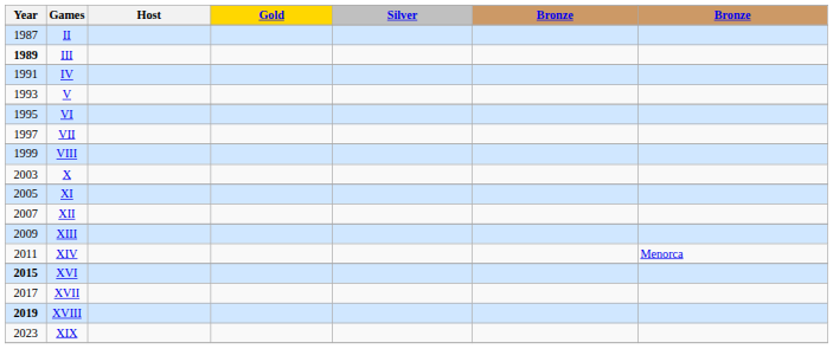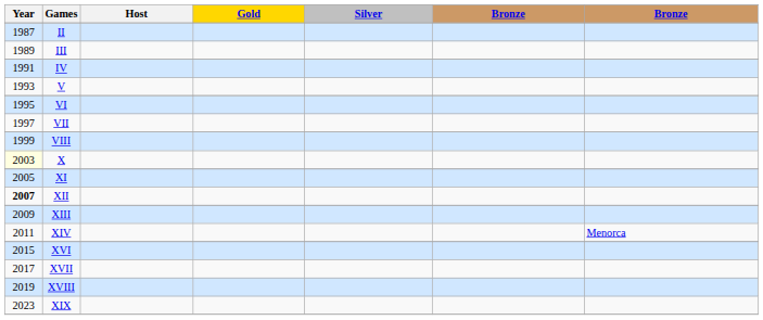 <table class="wikitable" style="text-align: center; font-size:95%;">
 <tr>
 <th rowspan="2" style="width:5%;">Year</th>
 <th rowspan="2" style="width:5%;">Games</th>
 <th rowspan="2" style="width:15%;">Host</th>
 </tr>
 <tr>
 <th style="background-color: gold"><a href='#'>Gold</a></th>
 <th style="background-color: silver"><a href='#'>Silver</a></th>
 <th style="background-color: #CC9966"><a href='#'>Bronze</a></th>
 <th style="background-color: #CC9966"><a href='#'>Bronze</a></th>
 </tr>
 <tr>
 </tr>
 <tr style="text-align:center; background:#d0e7ff;">
 <td>1987</td>
 <td align=center><a href='#'>II</a></td>
 <td align="left"></td>
 <td align="left"></td>
 <td align="left"></td>
 <td align="left"></td>
 <td></td>
 </tr>
 <tr>
-<td><strong>1989</strong></td>
+<td>1989</td>
 <td align=center><a href='#'>III</a></td>
 <td align="left"></td>
 <td align="left"></td>
 <td align="left"></td>
 <td align="left"></td>
 <td></td>
 </tr>
 <tr>
 </tr>
 <tr style="text-align:center; background:#d0e7ff;">
 <td>1991</td>
 <td align=center><a href='#'>IV</a></td>
 <td align="left"></td>
 <td align="left"></td>
 <td align="left"></td>
 <td align="left"></td>
 <td></td>
 </tr>
 <tr>
 <td>1993</td>
 <td align=center><a href='#'>V</a></td>
 <td align="left"></td>
 <td align="left"></td>
 <td align="left"></td>
 <td align="left"></td>
 <td></td>
 </tr>
 <tr>
 </tr>
 <tr style="text-align:center; background:#d0e7ff;">
 <td>1995</td>
 <td align=center><a href='#'>VI</a></td>
 <td align="left"></td>
 <td align="left"></td>
 <td align="left"></td>
 <td align="left"></td>
 <td align="left"></td>
 </tr>
 <tr>
 <td>1997</td>
 <td align=center><a href='#'>VII</a></td>
 <td align="left"></td>
 <td align="left"></td>
 <td align="left"></td>
 <td align="left"></td>
 <td></td>
 </tr>
 <tr>
 </tr>
 <tr style="text-align:center; background:#d0e7ff;">
 <td>1999</td>
 <td align=center><a href='#'>VIII</a></td>
 <td align="left"></td>
 <td align="left"></td>
 <td align="left"></td>
 <td align="left"></td>
 <td></td>
 </tr>
 <tr>
-<td>2003</td>
+<td style="background: lightyellow;">2003</td>
 <td align=center><a href='#'>X</a></td>
 <td align="left"></td>
 <td align="left"></td>
 <td align="left"></td>
 <td align="left"></td>
 <td></td>
 </tr>
 <tr>
 </tr>
 <tr style="text-align:center; background:#d0e7ff;">
 <td>2005</td>
 <td align=center><a href='#'>XI</a></td>
 <td align="left"></td>
 <td align="left"></td>
 <td align="left"></td>
 <td align="left"></td>
 <td align="left"></td>
 </tr>
 <tr>
-<td>2007</td>
+<td><strong>2007</strong></td>
 <td align=center><a href='#'>XII</a></td>
 <td align="left"></td>
 <td align="left"></td>
 <td align="left"> </td>
 <td align="left"></td>
 <td align="left"></td>
 </tr>
 <tr>
 </tr>
 <tr style="text-align:center; background:#d0e7ff;">
 <td>2009</td>
 <td align=center><a href='#'>XIII</a></td>
 <td align="left"></td>
 <td align="left"></td>
 <td align="left"></td>
 <td align="left"></td>
 <td align="left"></td>
 </tr>
 <tr>
 <td>2011</td>
 <td align=center><a href='#'>XIV</a></td>
 <td align="left"></td>
 <td align="left"></td>
 <td align="left"></td>
 <td align="left"></td>
 <td align="left"> <a href='#'>Menorca</a></td>
 </tr>
 <tr>
 </tr>
 <tr style="text-align:center; background:#d0e7ff;">
-<td><strong>2015</strong></td>
+<td>2015</td>
 <td align=center><a href='#'>XVI</a></td>
 <td align="left"></td>
 <td align="left"> </td>
 <td align="left"></td>
 <td align="left"></td>
 <td></td>
 </tr>
 <tr>
 <td>2017</td>
 <td align=center><a href='#'>XVII</a></td>
 <td align="left"></td>
 <td align="left"></td>
 <td align="left"></td>
 <td align="left"></td>
 <td align="left"></td>
 </tr>
 <tr style="text-align:center; background:#d0e7ff;">
-<td><strong>2019</strong></td>
+<td>2019</td>
 <td align=center><a href='#'>XVIII</a></td>
 <td align="left"></td>
 <td align="left"></td>
 <td align="left"></td>
 <td align="left"></td>
 <td align="left"></td>
 </tr>
 <tr>
 <td>2023</td>
 <td align=center><a href='#'>XIX</a></td>
 <td align="left"></td>
 <td align="left"></td>
 <td align="left"></td>
 <td align="left"></td>
 <td align="left"></td>
 </tr>
 <tr>
 </tr>
 </table>
